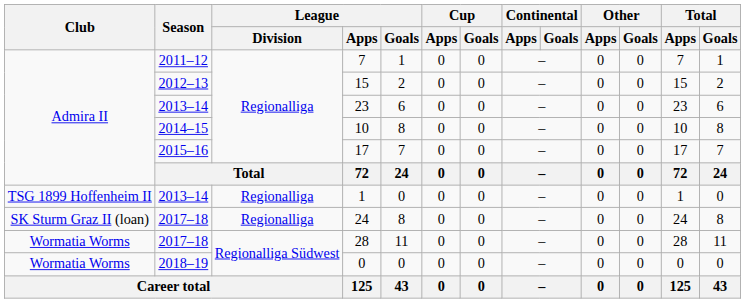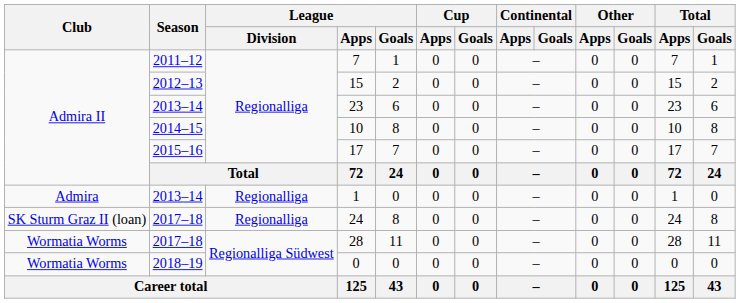 <table class="wikitable" style="text-align: center">
 <tr>
 <th rowspan="2">Club</th>
 <th rowspan="2">Season</th>
 <th colspan="3">League</th>
 <th colspan="2">Cup</th>
 <th colspan="2">Continental</th>
 <th colspan="2">Other</th>
 <th colspan="2">Total</th>
 </tr>
 <tr>
 <th>Division</th>
 <th>Apps</th>
 <th>Goals</th>
 <th>Apps</th>
 <th>Goals</th>
 <th>Apps</th>
 <th>Goals</th>
 <th>Apps</th>
 <th>Goals</th>
 <th>Apps</th>
 <th>Goals</th>
 </tr>
 <tr>
 <td rowspan="6"><a href='#'>Admira II</a></td>
 <td><a href='#'>2011–12</a></td>
 <td rowspan="5"><a href='#'>Regionalliga</a></td>
 <td>7</td>
 <td>1</td>
 <td>0</td>
 <td>0</td>
 <td colspan="2">–</td>
 <td>0</td>
 <td>0</td>
 <td>7</td>
 <td>1</td>
 </tr>
 <tr>
 <td><a href='#'>2012–13</a></td>
 <td>15</td>
 <td>2</td>
 <td>0</td>
 <td>0</td>
 <td colspan="2">–</td>
 <td>0</td>
 <td>0</td>
 <td>15</td>
 <td>2</td>
 </tr>
 <tr>
 <td><a href='#'>2013–14</a></td>
 <td>23</td>
 <td>6</td>
 <td>0</td>
 <td>0</td>
 <td colspan="2">–</td>
 <td>0</td>
 <td>0</td>
 <td>23</td>
 <td>6</td>
 </tr>
 <tr>
 <td><a href='#'>2014–15</a></td>
 <td>10</td>
 <td>8</td>
 <td>0</td>
 <td>0</td>
 <td colspan="2">–</td>
 <td>0</td>
 <td>0</td>
 <td>10</td>
 <td>8</td>
 </tr>
 <tr>
 <td><a href='#'>2015–16</a></td>
 <td>17</td>
 <td>7</td>
 <td>0</td>
 <td>0</td>
 <td colspan="2">–</td>
 <td>0</td>
 <td>0</td>
 <td>17</td>
 <td>7</td>
 </tr>
 <tr>
 <th colspan=2>Total</th>
 <th>72</th>
 <th>24</th>
 <th>0</th>
 <th>0</th>
 <th colspan="2">–</th>
 <th>0</th>
 <th>0</th>
 <th>72</th>
 <th>24</th>
 </tr>
 <tr>
-<td><a href='#'>TSG 1899 Hoffenheim II</a></td>
+<td><a href='#'>Admira</a></td>
 <td><a href='#'>2013–14</a></td>
 <td><a href='#'>Regionalliga</a></td>
 <td>1</td>
 <td>0</td>
 <td>0</td>
 <td>0</td>
 <td colspan="2">–</td>
 <td>0</td>
 <td>0</td>
 <td>1</td>
 <td>0</td>
 </tr>
 <tr>
 <td><a href='#'>SK Sturm Graz II</a> (loan)</td>
 <td><a href='#'>2017–18</a></td>
 <td><a href='#'>Regionalliga</a></td>
 <td>24</td>
 <td>8</td>
 <td>0</td>
 <td>0</td>
 <td colspan="2">–</td>
 <td>0</td>
 <td>0</td>
 <td>24</td>
 <td>8</td>
 </tr>
 <tr>
 <td><a href='#'>Wormatia Worms</a></td>
 <td><a href='#'>2017–18</a></td>
 <td rowspan="2"><a href='#'>Regionalliga Südwest</a></td>
 <td>28</td>
 <td>11</td>
 <td>0</td>
 <td>0</td>
 <td colspan="2">–</td>
 <td>0</td>
 <td>0</td>
 <td>28</td>
 <td>11</td>
 </tr>
 <tr>
 <td><a href='#'>Wormatia Worms</a></td>
 <td><a href='#'>2018–19</a></td>
 <td>0</td>
 <td>0</td>
 <td>0</td>
 <td>0</td>
 <td colspan="2">–</td>
 <td>0</td>
 <td>0</td>
 <td>0</td>
 <td>0</td>
 </tr>
 <tr>
 <th colspan=3>Career total</th>
 <th>125</th>
 <th>43</th>
 <th>0</th>
 <th>0</th>
 <th colspan="2">–</th>
 <th>0</th>
 <th>0</th>
 <th>125</th>
 <th>43</th>
 </tr>
 </table>
